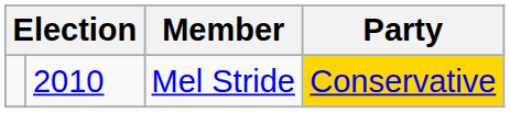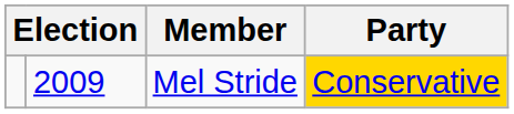 <table class="wikitable">
 <tr>
 <th colspan="2">Election</th>
 <th>Member</th>
 <th>Party</th>
 </tr>
 <tr>
 <td style="color:inherit;background-color: "></td>
-<td><a href='#'>2010</a></td>
+<td><a href='#'>2009</a></td>
 <td><a href='#'>Mel Stride</a></td>
 <td style="background: gold;"><a href='#'>Conservative</a></td>
 </tr>
 </table>
